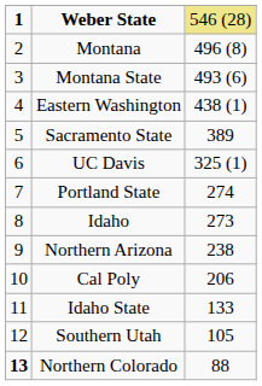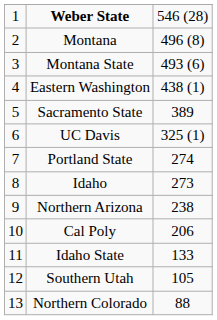 <table class="wikitable" style="display: inline-table;">
 <tr align="center">
 </tr>
 <tr align="center">
-<td><strong>1</strong></td>
+<td>1</td>
 <td><strong>Weber State</strong></td>
-<td style="background: khaki;">546 (28)</td>
+<td>546 (28)</td>
 </tr>
 <tr align="center">
 <td>2</td>
 <td>Montana</td>
 <td>496 (8)</td>
 </tr>
 <tr align="center">
 <td>3</td>
 <td>Montana State</td>
 <td>493 (6)</td>
 </tr>
 <tr align="center">
 <td>4</td>
 <td>Eastern Washington</td>
 <td>438 (1)</td>
 </tr>
 <tr align="center">
 <td>5</td>
 <td>Sacramento State</td>
 <td>389</td>
 </tr>
 <tr align="center">
 <td>6</td>
 <td>UC Davis</td>
 <td>325 (1)</td>
 </tr>
 <tr align="center">
 <td>7</td>
 <td>Portland State</td>
 <td>274</td>
 </tr>
 <tr align="center">
 <td>8</td>
 <td>Idaho</td>
 <td>273</td>
 </tr>
 <tr align="center">
 <td>9</td>
 <td>Northern Arizona</td>
 <td>238</td>
 </tr>
 <tr align="center">
 <td>10</td>
 <td>Cal Poly</td>
 <td>206</td>
 </tr>
 <tr align="center">
 <td>11</td>
 <td>Idaho State</td>
 <td>133</td>
 </tr>
 <tr align="center">
 <td>12</td>
 <td>Southern Utah</td>
 <td>105</td>
 </tr>
 <tr align="center">
-<td><strong>13</strong></td>
+<td>13</td>
 <td>Northern Colorado</td>
 <td>88</td>
 </tr>
 </table>
